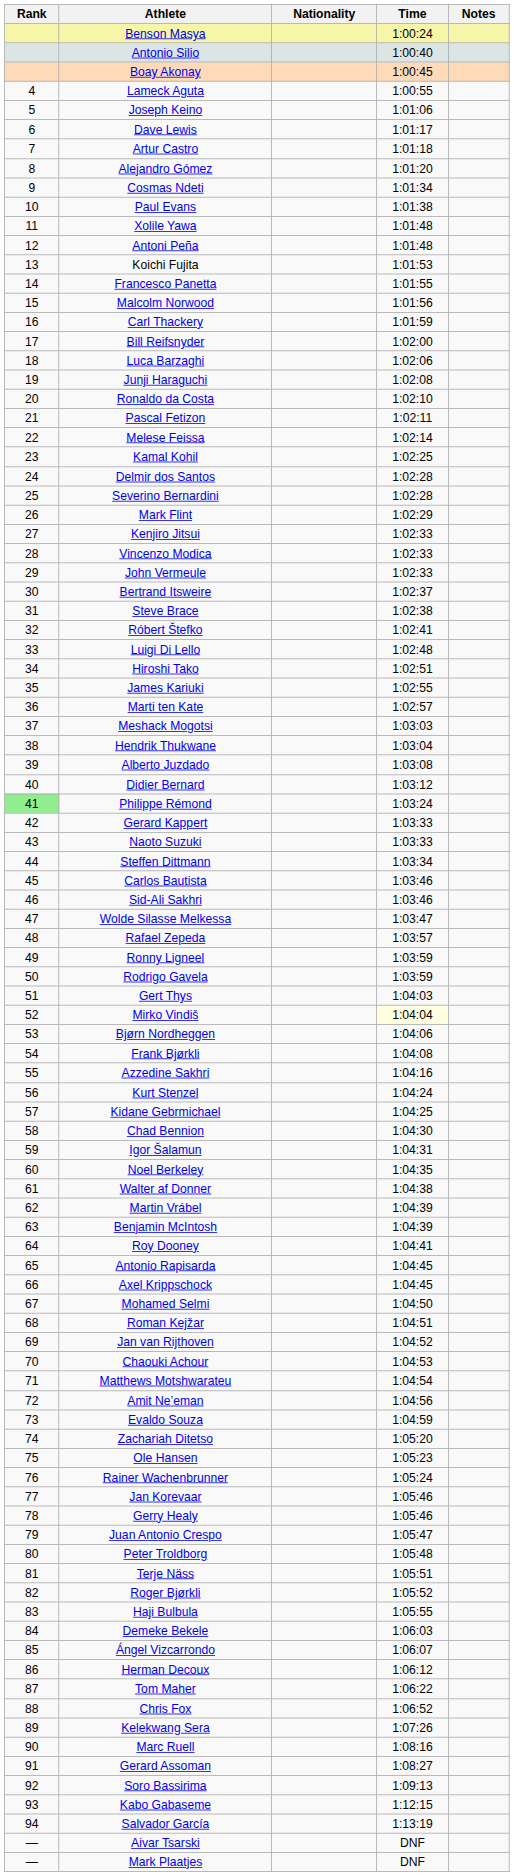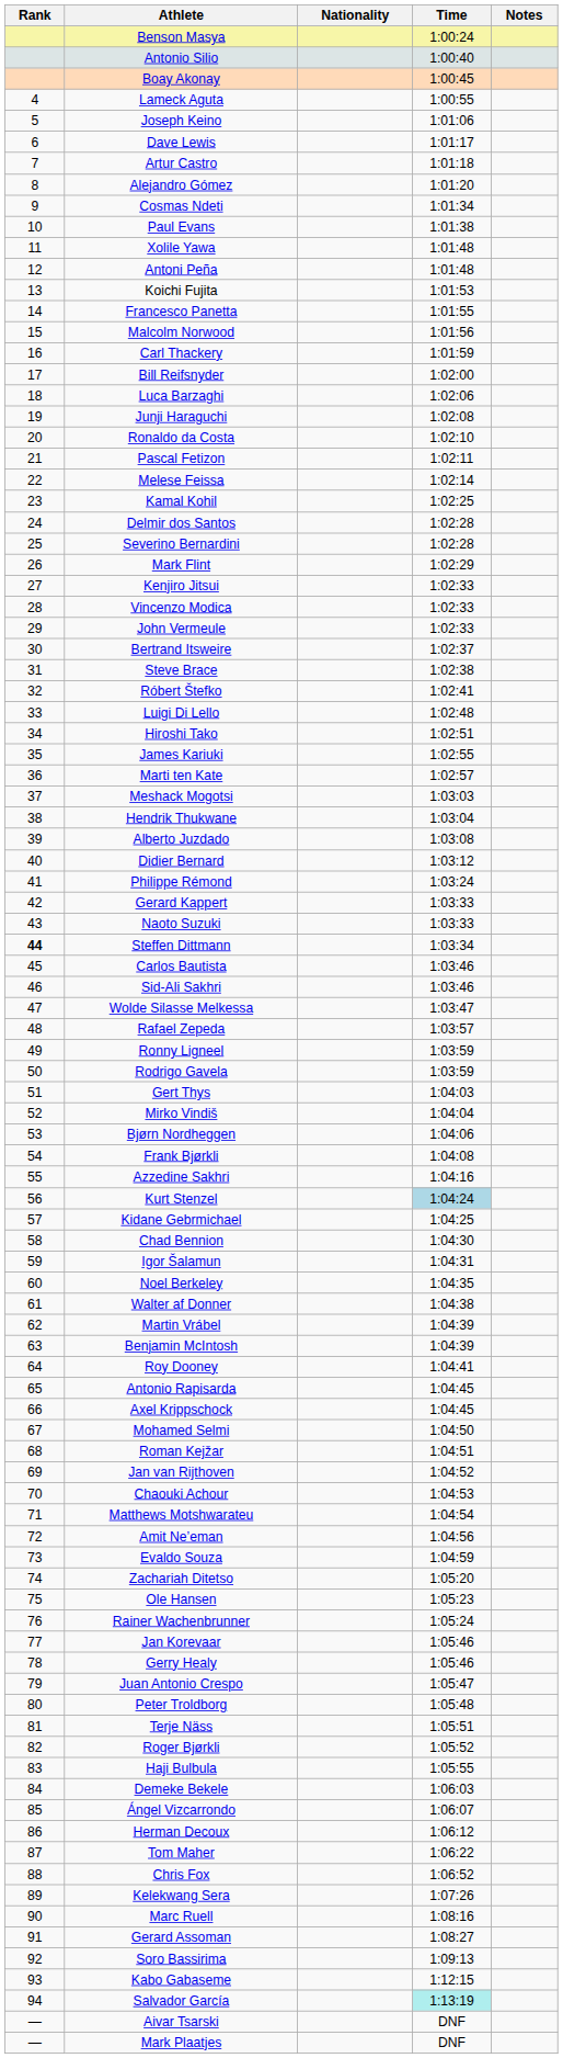 <table class="wikitable sortable" style=" text-align:center; font-size:95%;" width="50%">
 <tr>
 <th>Rank</th>
 <th>Athlete</th>
 <th>Nationality</th>
 <th>Time</th>
 <th>Notes</th>
 </tr>
 <tr bgcolor="#F7F6A8">
 <td align=center></td>
 <td><a href='#'>Benson Masya</a></td>
 <td></td>
 <td>1:00:24</td>
 <td></td>
 </tr>
 <tr bgcolor="#DCE5E5">
 <td align=center></td>
 <td><a href='#'>Antonio Silio</a></td>
 <td></td>
 <td>1:00:40</td>
 <td></td>
 </tr>
 <tr bgcolor="#FFDAB9">
 <td align=center></td>
 <td><a href='#'>Boay Akonay</a></td>
 <td></td>
 <td>1:00:45</td>
 <td></td>
 </tr>
 <tr>
 <td align=center>4</td>
 <td><a href='#'>Lameck Aguta</a></td>
 <td></td>
 <td>1:00:55</td>
 <td></td>
 </tr>
 <tr>
 <td align=center>5</td>
 <td><a href='#'>Joseph Keino</a></td>
 <td></td>
 <td>1:01:06</td>
 <td></td>
 </tr>
 <tr>
 <td align=center>6</td>
 <td><a href='#'>Dave Lewis</a></td>
 <td></td>
 <td>1:01:17</td>
 <td></td>
 </tr>
 <tr>
 <td align=center>7</td>
 <td><a href='#'>Artur Castro</a></td>
 <td></td>
 <td>1:01:18</td>
 <td></td>
 </tr>
 <tr>
 <td align=center>8</td>
 <td><a href='#'>Alejandro Gómez</a></td>
 <td></td>
 <td>1:01:20</td>
 <td></td>
 </tr>
 <tr>
 <td align=center>9</td>
 <td><a href='#'>Cosmas Ndeti</a></td>
 <td></td>
 <td>1:01:34</td>
 <td></td>
 </tr>
 <tr>
 <td align=center>10</td>
 <td><a href='#'>Paul Evans</a></td>
 <td></td>
 <td>1:01:38</td>
 <td></td>
 </tr>
 <tr>
 <td align=center>11</td>
 <td><a href='#'>Xolile Yawa</a></td>
 <td></td>
 <td>1:01:48</td>
 <td></td>
 </tr>
 <tr>
 <td align=center>12</td>
 <td><a href='#'>Antoni Peña</a></td>
 <td></td>
 <td>1:01:48</td>
 <td></td>
 </tr>
 <tr>
 <td align=center>13</td>
 <td>Koichi Fujita</td>
 <td></td>
 <td>1:01:53</td>
 <td></td>
 </tr>
 <tr>
 <td align=center>14</td>
 <td><a href='#'>Francesco Panetta</a></td>
 <td></td>
 <td>1:01:55</td>
 <td></td>
 </tr>
 <tr>
 <td align=center>15</td>
 <td><a href='#'>Malcolm Norwood</a></td>
 <td></td>
 <td>1:01:56</td>
 <td></td>
 </tr>
 <tr>
 <td align=center>16</td>
 <td><a href='#'>Carl Thackery</a></td>
 <td></td>
 <td>1:01:59</td>
 <td></td>
 </tr>
 <tr>
 <td align=center>17</td>
 <td><a href='#'>Bill Reifsnyder</a></td>
 <td></td>
 <td>1:02:00</td>
 <td></td>
 </tr>
 <tr>
 <td align=center>18</td>
 <td><a href='#'>Luca Barzaghi</a></td>
 <td></td>
 <td>1:02:06</td>
 <td></td>
 </tr>
 <tr>
 <td align=center>19</td>
 <td><a href='#'>Junji Haraguchi</a></td>
 <td></td>
 <td>1:02:08</td>
 <td></td>
 </tr>
 <tr>
 <td align=center>20</td>
 <td><a href='#'>Ronaldo da Costa</a></td>
 <td></td>
 <td>1:02:10</td>
 <td></td>
 </tr>
 <tr>
 <td align=center>21</td>
 <td><a href='#'>Pascal Fetizon</a></td>
 <td></td>
 <td>1:02:11</td>
 <td></td>
 </tr>
 <tr>
 <td align=center>22</td>
 <td><a href='#'>Melese Feissa</a></td>
 <td></td>
 <td>1:02:14</td>
 <td></td>
 </tr>
 <tr>
 <td align=center>23</td>
 <td><a href='#'>Kamal Kohil</a></td>
 <td></td>
 <td>1:02:25</td>
 <td></td>
 </tr>
 <tr>
 <td align=center>24</td>
 <td><a href='#'>Delmir dos Santos</a></td>
 <td></td>
 <td>1:02:28</td>
 <td></td>
 </tr>
 <tr>
 <td align=center>25</td>
 <td><a href='#'>Severino Bernardini</a></td>
 <td></td>
 <td>1:02:28</td>
 <td></td>
 </tr>
 <tr>
 <td align=center>26</td>
 <td><a href='#'>Mark Flint</a></td>
 <td></td>
 <td>1:02:29</td>
 <td></td>
 </tr>
 <tr>
 <td align=center>27</td>
 <td><a href='#'>Kenjiro Jitsui</a></td>
 <td></td>
 <td>1:02:33</td>
 <td></td>
 </tr>
 <tr>
 <td align=center>28</td>
 <td><a href='#'>Vincenzo Modica</a></td>
 <td></td>
 <td>1:02:33</td>
 <td></td>
 </tr>
 <tr>
 <td align=center>29</td>
 <td><a href='#'>John Vermeule</a></td>
 <td></td>
 <td>1:02:33</td>
 <td></td>
 </tr>
 <tr>
 <td align=center>30</td>
 <td><a href='#'>Bertrand Itsweire</a></td>
 <td></td>
 <td>1:02:37</td>
 <td></td>
 </tr>
 <tr>
 <td align=center>31</td>
 <td><a href='#'>Steve Brace</a></td>
 <td></td>
 <td>1:02:38</td>
 <td></td>
 </tr>
 <tr>
 <td align=center>32</td>
 <td><a href='#'>Róbert Štefko</a></td>
 <td></td>
 <td>1:02:41</td>
 <td></td>
 </tr>
 <tr>
 <td align=center>33</td>
 <td><a href='#'>Luigi Di Lello</a></td>
 <td></td>
 <td>1:02:48</td>
 <td></td>
 </tr>
 <tr>
 <td align=center>34</td>
 <td><a href='#'>Hiroshi Tako</a></td>
 <td></td>
 <td>1:02:51</td>
 <td></td>
 </tr>
 <tr>
 <td align=center>35</td>
 <td><a href='#'>James Kariuki</a></td>
 <td></td>
 <td>1:02:55</td>
 <td></td>
 </tr>
 <tr>
 <td align=center>36</td>
 <td><a href='#'>Marti ten Kate</a></td>
 <td></td>
 <td>1:02:57</td>
 <td></td>
 </tr>
 <tr>
 <td align=center>37</td>
 <td><a href='#'>Meshack Mogotsi</a></td>
 <td></td>
 <td>1:03:03</td>
 <td></td>
 </tr>
 <tr>
 <td align=center>38</td>
 <td><a href='#'>Hendrik Thukwane</a></td>
 <td></td>
 <td>1:03:04</td>
 <td></td>
 </tr>
 <tr>
 <td align=center>39</td>
 <td><a href='#'>Alberto Juzdado</a></td>
 <td></td>
 <td>1:03:08</td>
 <td></td>
 </tr>
 <tr>
 <td align=center>40</td>
 <td><a href='#'>Didier Bernard</a></td>
 <td></td>
 <td>1:03:12</td>
 <td></td>
 </tr>
 <tr>
-<td align=center style="background: lightgreen;">41</td>
+<td align=center>41</td>
 <td><a href='#'>Philippe Rémond</a></td>
 <td></td>
 <td>1:03:24</td>
 <td></td>
 </tr>
 <tr>
 <td align=center>42</td>
 <td><a href='#'>Gerard Kappert</a></td>
 <td></td>
 <td>1:03:33</td>
 <td></td>
 </tr>
 <tr>
 <td align=center>43</td>
 <td><a href='#'>Naoto Suzuki</a></td>
 <td></td>
 <td>1:03:33</td>
 <td></td>
 </tr>
 <tr>
-<td align=center>44</td>
+<td align=center><strong>44</strong></td>
 <td><a href='#'>Steffen Dittmann</a></td>
 <td></td>
 <td>1:03:34</td>
 <td></td>
 </tr>
 <tr>
 <td align=center>45</td>
 <td><a href='#'>Carlos Bautista</a></td>
 <td></td>
 <td>1:03:46</td>
 <td></td>
 </tr>
 <tr>
 <td align=center>46</td>
 <td><a href='#'>Sid-Ali Sakhri</a></td>
 <td></td>
 <td>1:03:46</td>
 <td></td>
 </tr>
 <tr>
 <td align=center>47</td>
 <td><a href='#'>Wolde Silasse Melkessa</a></td>
 <td></td>
 <td>1:03:47</td>
 <td></td>
 </tr>
 <tr>
 <td align=center>48</td>
 <td><a href='#'>Rafael Zepeda</a></td>
 <td></td>
 <td>1:03:57</td>
 <td></td>
 </tr>
 <tr>
 <td align=center>49</td>
 <td><a href='#'>Ronny Ligneel</a></td>
 <td></td>
 <td>1:03:59</td>
 <td></td>
 </tr>
 <tr>
 <td align=center>50</td>
 <td><a href='#'>Rodrigo Gavela</a></td>
 <td></td>
 <td>1:03:59</td>
 <td></td>
 </tr>
 <tr>
 <td align=center>51</td>
 <td><a href='#'>Gert Thys</a></td>
 <td></td>
 <td>1:04:03</td>
 <td></td>
 </tr>
 <tr>
 <td align=center>52</td>
 <td><a href='#'>Mirko Vindiš</a></td>
 <td></td>
-<td style="background: lightyellow;">1:04:04</td>
+<td>1:04:04</td>
 <td></td>
 </tr>
 <tr>
 <td align=center>53</td>
 <td><a href='#'>Bjørn Nordheggen</a></td>
 <td></td>
 <td>1:04:06</td>
 <td></td>
 </tr>
 <tr>
 <td align=center>54</td>
 <td><a href='#'>Frank Bjørkli</a></td>
 <td></td>
 <td>1:04:08</td>
 <td></td>
 </tr>
 <tr>
 <td align=center>55</td>
 <td><a href='#'>Azzedine Sakhri</a></td>
 <td></td>
 <td>1:04:16</td>
 <td></td>
 </tr>
 <tr>
 <td align=center>56</td>
 <td><a href='#'>Kurt Stenzel</a></td>
 <td></td>
-<td>1:04:24</td>
+<td style="background: lightblue;">1:04:24</td>
 <td></td>
 </tr>
 <tr>
 <td align=center>57</td>
 <td><a href='#'>Kidane Gebrmichael</a></td>
 <td></td>
 <td>1:04:25</td>
 <td></td>
 </tr>
 <tr>
 <td align=center>58</td>
 <td><a href='#'>Chad Bennion</a></td>
 <td></td>
 <td>1:04:30</td>
 <td></td>
 </tr>
 <tr>
 <td align=center>59</td>
 <td><a href='#'>Igor Šalamun</a></td>
 <td></td>
 <td>1:04:31</td>
 <td></td>
 </tr>
 <tr>
 <td align=center>60</td>
 <td><a href='#'>Noel Berkeley</a></td>
 <td></td>
 <td>1:04:35</td>
 <td></td>
 </tr>
 <tr>
 <td align=center>61</td>
 <td><a href='#'>Walter af Donner</a></td>
 <td></td>
 <td>1:04:38</td>
 <td></td>
 </tr>
 <tr>
 <td align=center>62</td>
 <td><a href='#'>Martin Vrábel</a></td>
 <td></td>
 <td>1:04:39</td>
 <td></td>
 </tr>
 <tr>
 <td align=center>63</td>
 <td><a href='#'>Benjamin McIntosh</a></td>
 <td></td>
 <td>1:04:39</td>
 <td></td>
 </tr>
 <tr>
 <td align=center>64</td>
 <td><a href='#'>Roy Dooney</a></td>
 <td></td>
 <td>1:04:41</td>
 <td></td>
 </tr>
 <tr>
 <td align=center>65</td>
 <td><a href='#'>Antonio Rapisarda</a></td>
 <td></td>
 <td>1:04:45</td>
 <td></td>
 </tr>
 <tr>
 <td align=center>66</td>
 <td><a href='#'>Axel Krippschock</a></td>
 <td></td>
 <td>1:04:45</td>
 <td></td>
 </tr>
 <tr>
 <td align=center>67</td>
 <td><a href='#'>Mohamed Selmi</a></td>
 <td></td>
 <td>1:04:50</td>
 <td></td>
 </tr>
 <tr>
 <td align=center>68</td>
 <td><a href='#'>Roman Kejžar</a></td>
 <td></td>
 <td>1:04:51</td>
 <td></td>
 </tr>
 <tr>
 <td align=center>69</td>
 <td><a href='#'>Jan van Rijthoven</a></td>
 <td></td>
 <td>1:04:52</td>
 <td></td>
 </tr>
 <tr>
 <td align=center>70</td>
 <td><a href='#'>Chaouki Achour</a></td>
 <td></td>
 <td>1:04:53</td>
 <td></td>
 </tr>
 <tr>
 <td align=center>71</td>
 <td><a href='#'>Matthews Motshwarateu</a></td>
 <td></td>
 <td>1:04:54</td>
 <td></td>
 </tr>
 <tr>
 <td align=center>72</td>
 <td><a href='#'>Amit Neʼeman</a></td>
 <td></td>
 <td>1:04:56</td>
 <td></td>
 </tr>
 <tr>
 <td align=center>73</td>
 <td><a href='#'>Evaldo Souza</a></td>
 <td></td>
 <td>1:04:59</td>
 <td></td>
 </tr>
 <tr>
 <td align=center>74</td>
 <td><a href='#'>Zachariah Ditetso</a></td>
 <td></td>
 <td>1:05:20</td>
 <td></td>
 </tr>
 <tr>
 <td align=center>75</td>
 <td><a href='#'>Ole Hansen</a></td>
 <td></td>
 <td>1:05:23</td>
 <td></td>
 </tr>
 <tr>
 <td align=center>76</td>
 <td><a href='#'>Rainer Wachenbrunner</a></td>
 <td></td>
 <td>1:05:24</td>
 <td></td>
 </tr>
 <tr>
 <td align=center>77</td>
 <td><a href='#'>Jan Korevaar</a></td>
 <td></td>
 <td>1:05:46</td>
 <td></td>
 </tr>
 <tr>
 <td align=center>78</td>
 <td><a href='#'>Gerry Healy</a></td>
 <td></td>
 <td>1:05:46</td>
 <td></td>
 </tr>
 <tr>
 <td align=center>79</td>
 <td><a href='#'>Juan Antonio Crespo</a></td>
 <td></td>
 <td>1:05:47</td>
 <td></td>
 </tr>
 <tr>
 <td align=center>80</td>
 <td><a href='#'>Peter Troldborg</a></td>
 <td></td>
 <td>1:05:48</td>
 <td></td>
 </tr>
 <tr>
 <td align=center>81</td>
 <td><a href='#'>Terje Näss</a></td>
 <td></td>
 <td>1:05:51</td>
 <td></td>
 </tr>
 <tr>
 <td align=center>82</td>
 <td><a href='#'>Roger Bjørkli</a></td>
 <td></td>
 <td>1:05:52</td>
 <td></td>
 </tr>
 <tr>
 <td align=center>83</td>
 <td><a href='#'>Haji Bulbula</a></td>
 <td></td>
 <td>1:05:55</td>
 <td></td>
 </tr>
 <tr>
 <td align=center>84</td>
 <td><a href='#'>Demeke Bekele</a></td>
 <td></td>
 <td>1:06:03</td>
 <td></td>
 </tr>
 <tr>
 <td align=center>85</td>
 <td><a href='#'>Ángel Vizcarrondo</a></td>
 <td></td>
 <td>1:06:07</td>
 <td></td>
 </tr>
 <tr>
 <td align=center>86</td>
 <td><a href='#'>Herman Decoux</a></td>
 <td></td>
 <td>1:06:12</td>
 <td></td>
 </tr>
 <tr>
 <td align=center>87</td>
 <td><a href='#'>Tom Maher</a></td>
 <td></td>
 <td>1:06:22</td>
 <td></td>
 </tr>
 <tr>
 <td align=center>88</td>
 <td><a href='#'>Chris Fox</a></td>
 <td></td>
 <td>1:06:52</td>
 <td></td>
 </tr>
 <tr>
 <td align=center>89</td>
 <td><a href='#'>Kelekwang Sera</a></td>
 <td></td>
 <td>1:07:26</td>
 <td></td>
 </tr>
 <tr>
 <td align=center>90</td>
 <td><a href='#'>Marc Ruell</a></td>
 <td></td>
 <td>1:08:16</td>
 <td></td>
 </tr>
 <tr>
 <td align=center>91</td>
 <td><a href='#'>Gerard Assoman</a></td>
 <td></td>
 <td>1:08:27</td>
 <td></td>
 </tr>
 <tr>
 <td align=center>92</td>
 <td><a href='#'>Soro Bassirima</a></td>
 <td></td>
 <td>1:09:13</td>
 <td></td>
 </tr>
 <tr>
 <td align=center>93</td>
 <td><a href='#'>Kabo Gabaseme</a></td>
 <td></td>
 <td>1:12:15</td>
 <td></td>
 </tr>
 <tr>
 <td align=center>94</td>
 <td><a href='#'>Salvador García</a></td>
 <td></td>
-<td>1:13:19</td>
+<td style="background: paleturquoise;">1:13:19</td>
 <td></td>
 </tr>
 <tr>
 <td align=center>—</td>
 <td><a href='#'>Aivar Tsarski</a></td>
 <td></td>
 <td>DNF</td>
 <td></td>
 </tr>
 <tr>
 <td align=center>—</td>
 <td><a href='#'>Mark Plaatjes</a></td>
 <td></td>
 <td>DNF</td>
 <td></td>
 </tr>
 </table>
